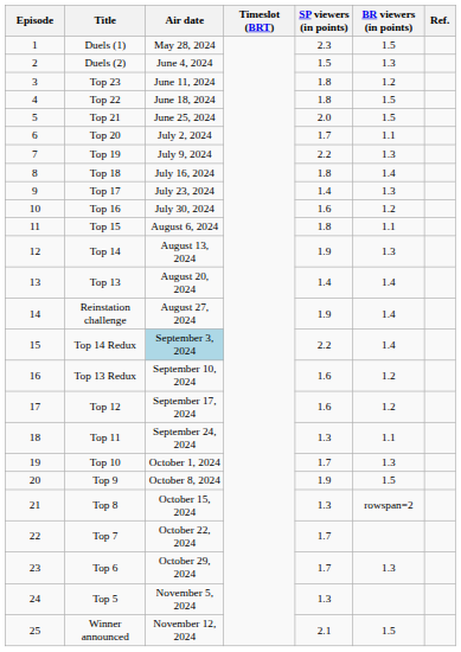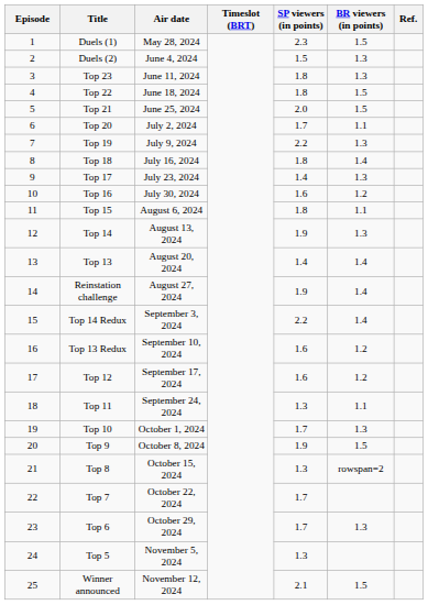 <table class="wikitable sortable" style="text-align:center; font-size:95%; width: 100%">
 <tr>
 <th width="05.0%">Episode</th>
 <th width="07.5%">Title</th>
 <th width="07.5%">Air date</th>
 <th width="07.5%">Timeslot (<a href='#'>BRT</a>)</th>
 <th width="05.0%"><a href='#'>SP</a> viewers<br>(in points)</th>
 <th width="05.0%"><a href='#'>BR</a> viewers<br>(in points)</th>
 <th width="02.0%">Ref.</th>
 </tr>
 <tr>
 <td>1</td>
 <td> Duels (1)</td>
 <td>May 28, 2024</td>
 <td rowspan="25"></td>
 <td>2.3</td>
 <td>1.5</td>
 <td></td>
 </tr>
 <tr>
 <td>2</td>
 <td> Duels (2)</td>
 <td>June 4, 2024</td>
 <td>1.5</td>
 <td>1.3</td>
 <td></td>
 </tr>
 <tr>
 <td>3</td>
 <td>Top 23</td>
 <td>June 11, 2024</td>
 <td>1.8</td>
-<td>1.2</td>
+<td>1.3</td>
 <td></td>
 </tr>
 <tr>
 <td>4</td>
 <td>Top 22</td>
 <td>June 18, 2024</td>
 <td>1.8</td>
 <td>1.5</td>
 <td></td>
 </tr>
 <tr>
 <td>5</td>
 <td>Top 21</td>
 <td>June 25, 2024</td>
 <td>2.0</td>
 <td>1.5</td>
 <td></td>
 </tr>
 <tr>
 <td>6</td>
 <td>Top 20</td>
 <td>July 2, 2024</td>
 <td>1.7</td>
 <td>1.1</td>
 <td></td>
 </tr>
 <tr>
 <td>7</td>
 <td>Top 19</td>
 <td>July 9, 2024</td>
 <td>2.2</td>
 <td>1.3</td>
 <td></td>
 </tr>
 <tr>
 <td>8</td>
 <td>Top 18</td>
 <td>July 16, 2024</td>
 <td>1.8</td>
 <td>1.4</td>
 <td></td>
 </tr>
 <tr>
 <td>9</td>
 <td>Top 17</td>
 <td>July 23, 2024</td>
 <td>1.4</td>
 <td>1.3</td>
 <td></td>
 </tr>
 <tr>
 <td>10</td>
 <td>Top 16</td>
 <td>July 30, 2024</td>
 <td>1.6</td>
 <td>1.2</td>
 <td></td>
 </tr>
 <tr>
 <td>11</td>
 <td>Top 15</td>
 <td>August 6, 2024</td>
 <td>1.8</td>
 <td>1.1</td>
 <td></td>
 </tr>
 <tr>
 <td>12</td>
 <td>Top 14</td>
 <td>August 13, 2024</td>
 <td>1.9</td>
 <td>1.3</td>
 <td></td>
 </tr>
 <tr>
 <td>13</td>
 <td>Top 13</td>
 <td>August 20, 2024</td>
 <td>1.4</td>
 <td>1.4</td>
 <td></td>
 </tr>
 <tr>
 <td>14</td>
 <td>Reinstation challenge</td>
 <td>August 27, 2024</td>
 <td>1.9</td>
 <td>1.4</td>
 <td></td>
 </tr>
 <tr>
 <td>15</td>
 <td>Top 14 Redux</td>
-<td style="background: lightblue;">September 3, 2024</td>
+<td>September 3, 2024</td>
 <td>2.2</td>
 <td>1.4</td>
 <td></td>
 </tr>
 <tr>
 <td>16</td>
 <td>Top 13 Redux</td>
 <td>September 10, 2024</td>
 <td>1.6</td>
 <td>1.2</td>
 <td></td>
 </tr>
 <tr>
 <td>17</td>
 <td>Top 12</td>
 <td>September 17, 2024</td>
 <td>1.6</td>
 <td>1.2</td>
 <td></td>
 </tr>
 <tr>
 <td>18</td>
 <td>Top 11</td>
 <td>September 24, 2024</td>
 <td>1.3</td>
 <td>1.1</td>
 <td></td>
 </tr>
 <tr>
 <td>19</td>
 <td>Top 10</td>
 <td>October 1, 2024</td>
 <td>1.7</td>
 <td>1.3</td>
 <td></td>
 </tr>
 <tr>
 <td>20</td>
 <td>Top 9</td>
 <td>October 8, 2024</td>
 <td>1.9</td>
 <td>1.5</td>
 <td></td>
 </tr>
 <tr>
 <td>21</td>
 <td>Top 8</td>
 <td>October 15, 2024</td>
 <td>1.3</td>
 <td>rowspan=2 </td>
 <td></td>
 </tr>
 <tr>
 <td>22</td>
 <td>Top 7</td>
 <td>October 22, 2024</td>
 <td>1.7</td>
 <td></td>
 </tr>
 <tr>
 <td>23</td>
 <td>Top 6</td>
 <td>October 29, 2024</td>
 <td>1.7</td>
 <td>1.3</td>
 <td></td>
 </tr>
 <tr>
 <td>24</td>
 <td>Top 5</td>
 <td>November 5, 2024</td>
 <td>1.3</td>
 <td></td>
 <td></td>
 </tr>
 <tr>
 <td>25</td>
 <td>Winner announced</td>
 <td>November 12, 2024</td>
 <td>2.1</td>
 <td>1.5</td>
 <td></td>
 </tr>
 </table>
